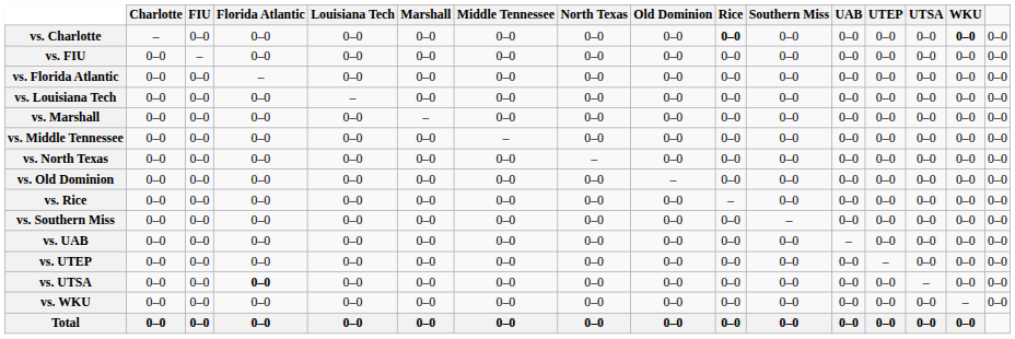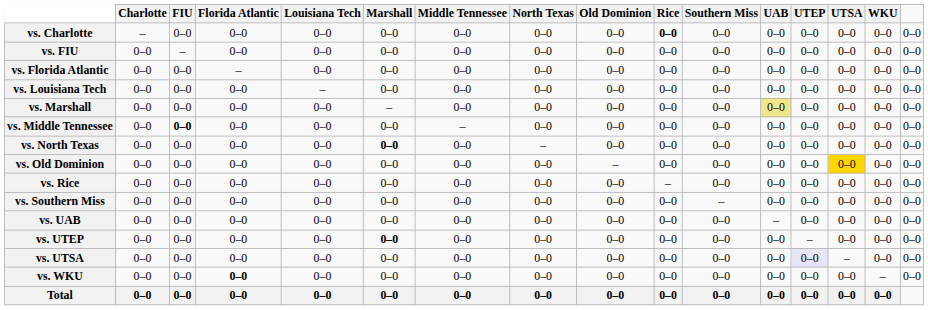 <table class="wikitable" style="white-space:nowrap; font-size:100%;">
 <tr>
 <td style="background:white; border-top-style:hidden; border-left-style:hidden;"></td>
 <th>Charlotte</th>
 <th>FIU</th>
 <th>Florida Atlantic</th>
 <th>Louisiana Tech</th>
 <th>Marshall</th>
 <th>Middle Tennessee</th>
 <th>North Texas</th>
 <th>Old Dominion</th>
 <th>Rice</th>
 <th>Southern Miss</th>
 <th>UAB</th>
 <th>UTEP</th>
 <th>UTSA</th>
 <th>WKU</th>
 </tr>
 <tr style="text-align:center;">
 <th>vs. Charlotte</th>
 <td>–</td>
 <td>0–0</td>
 <td>0–0</td>
 <td>0–0</td>
 <td>0–0</td>
 <td>0–0</td>
 <td>0–0</td>
 <td>0–0</td>
 <td><strong>0–0</strong></td>
 <td>0–0</td>
 <td>0–0</td>
 <td>0–0</td>
 <td>0–0</td>
-<td><strong>0–0</strong></td>
+<td>0–0</td>
 <td>0–0</td>
 </tr>
 <tr style="text-align:center;">
 <th>vs. FIU</th>
 <td>0–0</td>
 <td>–</td>
 <td>0–0</td>
 <td>0–0</td>
 <td>0–0</td>
 <td>0–0</td>
 <td>0–0</td>
 <td>0–0</td>
 <td>0–0</td>
 <td>0–0</td>
 <td>0–0</td>
 <td>0–0</td>
 <td>0–0</td>
 <td>0–0</td>
 <td>0–0</td>
 </tr>
 <tr style="text-align:center;">
 <th>vs. Florida Atlantic</th>
 <td>0–0</td>
 <td>0–0</td>
 <td>–</td>
 <td>0–0</td>
 <td>0–0</td>
 <td>0–0</td>
 <td>0–0</td>
 <td>0–0</td>
 <td>0–0</td>
 <td>0–0</td>
 <td>0–0</td>
 <td>0–0</td>
 <td>0–0</td>
 <td>0–0</td>
 <td>0–0</td>
 </tr>
 <tr style="text-align:center;">
 <th>vs. Louisiana Tech</th>
 <td>0–0</td>
 <td>0–0</td>
 <td>0–0</td>
 <td>–</td>
 <td>0–0</td>
 <td>0–0</td>
 <td>0–0</td>
 <td>0–0</td>
 <td>0–0</td>
 <td>0–0</td>
 <td>0–0</td>
 <td>0–0</td>
 <td>0–0</td>
 <td>0–0</td>
 <td>0–0</td>
 </tr>
 <tr style="text-align:center;">
 <th>vs. Marshall</th>
 <td>0–0</td>
 <td>0–0</td>
 <td>0–0</td>
 <td>0–0</td>
 <td>–</td>
 <td>0–0</td>
 <td>0–0</td>
 <td>0–0</td>
 <td>0–0</td>
 <td>0–0</td>
-<td>0–0</td>
+<td style="background: khaki;">0–0</td>
 <td>0–0</td>
 <td>0–0</td>
 <td>0–0</td>
 <td>0–0</td>
 </tr>
 <tr style="text-align:center;">
 <th>vs. Middle Tennessee</th>
 <td>0–0</td>
-<td>0–0</td>
+<td><strong>0–0</strong></td>
 <td>0–0</td>
 <td>0–0</td>
 <td>0–0</td>
 <td>–</td>
 <td>0–0</td>
 <td>0–0</td>
 <td>0–0</td>
 <td>0–0</td>
 <td>0–0</td>
 <td>0–0</td>
 <td>0–0</td>
 <td>0–0</td>
 <td>0–0</td>
 </tr>
 <tr style="text-align:center;">
 <th>vs. North Texas</th>
 <td>0–0</td>
 <td>0–0</td>
 <td>0–0</td>
 <td>0–0</td>
-<td>0–0</td>
+<td><strong>0–0</strong></td>
 <td>0–0</td>
 <td>–</td>
 <td>0–0</td>
 <td>0–0</td>
 <td>0–0</td>
 <td>0–0</td>
 <td>0–0</td>
 <td>0–0</td>
 <td>0–0</td>
 <td>0–0</td>
 </tr>
 <tr style="text-align:center;">
 <th>vs. Old Dominion</th>
 <td>0–0</td>
 <td>0–0</td>
 <td>0–0</td>
 <td>0–0</td>
 <td>0–0</td>
 <td>0–0</td>
 <td>0–0</td>
 <td>–</td>
 <td>0–0</td>
 <td>0–0</td>
 <td>0–0</td>
 <td>0–0</td>
-<td>0–0</td>
+<td style="background: gold;">0–0</td>
 <td>0–0</td>
 <td>0–0</td>
 </tr>
 <tr style="text-align:center;">
 <th>vs. Rice</th>
 <td>0–0</td>
 <td>0–0</td>
 <td>0–0</td>
 <td>0–0</td>
 <td>0–0</td>
 <td>0–0</td>
 <td>0–0</td>
 <td>0–0</td>
 <td>–</td>
 <td>0–0</td>
 <td>0–0</td>
 <td>0–0</td>
 <td>0–0</td>
 <td>0–0</td>
 <td>0–0</td>
 </tr>
 <tr style="text-align:center;">
 <th>vs. Southern Miss</th>
 <td>0–0</td>
 <td>0–0</td>
 <td>0–0</td>
 <td>0–0</td>
 <td>0–0</td>
 <td>0–0</td>
 <td>0–0</td>
 <td>0–0</td>
 <td>0–0</td>
 <td>–</td>
 <td>0–0</td>
 <td>0–0</td>
 <td>0–0</td>
 <td>0–0</td>
 <td>0–0</td>
 </tr>
 <tr style="text-align:center;">
 <th>vs. UAB</th>
 <td>0–0</td>
 <td>0–0</td>
 <td>0–0</td>
 <td>0–0</td>
 <td>0–0</td>
 <td>0–0</td>
 <td>0–0</td>
 <td>0–0</td>
 <td>0–0</td>
 <td>0–0</td>
 <td>–</td>
 <td>0–0</td>
 <td>0–0</td>
 <td>0–0</td>
 <td>0–0</td>
 </tr>
 <tr style="text-align:center;">
 <th>vs. UTEP</th>
 <td>0–0</td>
 <td>0–0</td>
 <td>0–0</td>
 <td>0–0</td>
-<td>0–0</td>
+<td><strong>0–0</strong></td>
 <td>0–0</td>
 <td>0–0</td>
 <td>0–0</td>
 <td>0–0</td>
 <td>0–0</td>
 <td>0–0</td>
 <td>–</td>
 <td>0–0</td>
 <td>0–0</td>
 <td>0–0</td>
 </tr>
 <tr style="text-align:center;">
 <th>vs. UTSA</th>
 <td>0–0</td>
 <td>0–0</td>
-<td><strong>0–0</strong></td>
 <td>0–0</td>
 <td>0–0</td>
 <td>0–0</td>
 <td>0–0</td>
 <td>0–0</td>
 <td>0–0</td>
 <td>0–0</td>
 <td>0–0</td>
 <td>0–0</td>
+<td style="background: lavender;">0–0</td>
 <td>–</td>
 <td>0–0</td>
 <td>0–0</td>
 </tr>
 <tr style="text-align:center;">
 <th>vs. WKU</th>
 <td>0–0</td>
 <td>0–0</td>
-<td>0–0</td>
+<td><strong>0–0</strong></td>
 <td>0–0</td>
 <td>0–0</td>
 <td>0–0</td>
 <td>0–0</td>
 <td>0–0</td>
 <td>0–0</td>
 <td>0–0</td>
 <td>0–0</td>
 <td>0–0</td>
 <td>0–0</td>
 <td>–</td>
 <td>0–0</td>
 </tr>
 <tr style="text-align:center;">
 <th>Total</th>
 <th>0–0</th>
 <th>0–0</th>
 <th>0–0</th>
 <th>0–0</th>
 <th>0–0</th>
 <th>0–0</th>
 <th>0–0</th>
 <th>0–0</th>
 <th>0–0</th>
 <th>0–0</th>
 <th>0–0</th>
 <th>0–0</th>
 <th>0–0</th>
 <th>0–0</th>
 </tr>
 </table>
